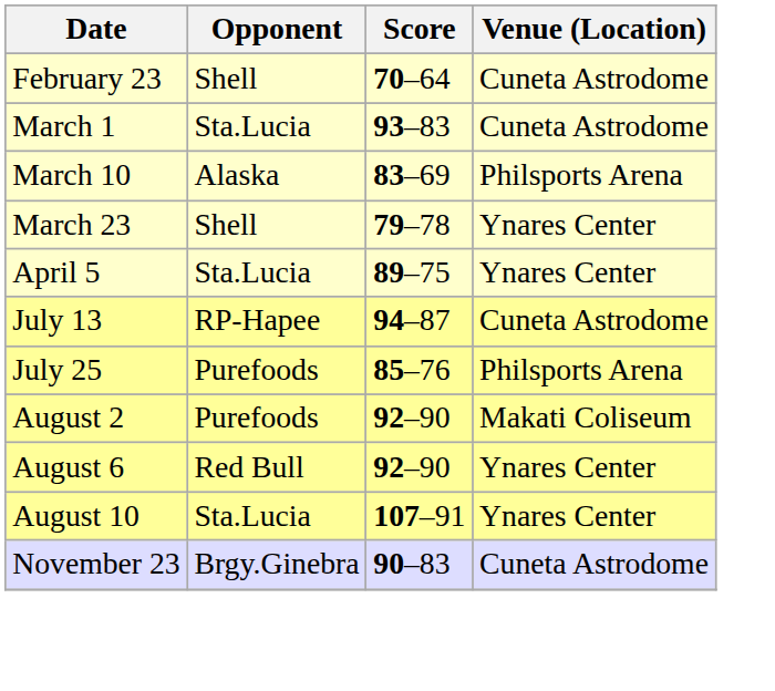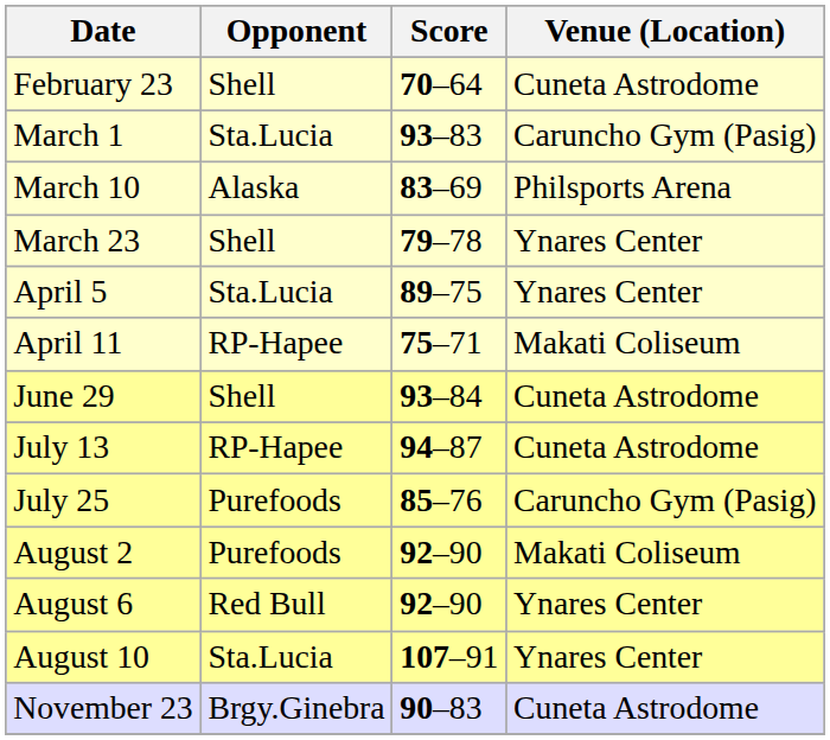 <table class="wikitable sortable sortable">
 <tr>
 <th>Date</th>
 <th>Opponent</th>
 <th>Score</th>
 <th>Venue (Location)</th>
 </tr>
 <tr bgcolor="#FFFFCC">
 <td>February 23</td>
 <td>Shell</td>
 <td><strong>70</strong>–64</td>
 <td>Cuneta Astrodome</td>
 </tr>
 <tr bgcolor="#FFFFCC">
 <td>March 1</td>
 <td>Sta.Lucia</td>
 <td><strong>93</strong>–83</td>
-<td>Cuneta Astrodome</td>
+<td>Caruncho Gym (Pasig) </td>
 </tr>
 <tr bgcolor="#FFFFCC">
 <td>March 10</td>
 <td>Alaska</td>
 <td><strong>83</strong>–69</td>
 <td>Philsports Arena </td>
 </tr>
 <tr bgcolor="#FFFFCC">
 <td>March 23</td>
 <td>Shell</td>
 <td><strong>79</strong>–78</td>
 <td>Ynares Center</td>
 </tr>
 <tr bgcolor="#FFFFCC">
 <td>April 5</td>
 <td>Sta.Lucia</td>
 <td><strong>89</strong>–75</td>
 <td>Ynares Center</td>
 </tr>
+<tr bgcolor="#FFFFCC">
+<td>April 11</td>
+<td>RP-Hapee</td>
+<td><strong>75</strong>–71</td>
+<td>Makati Coliseum</td>
+</tr>
+<tr bgcolor="#FFFF99">
+<td>June 29</td>
+<td>Shell</td>
+<td><strong>93</strong>–84</td>
+<td>Cuneta Astrodome</td>
+</tr>
 <tr bgcolor="#FFFF99">
 <td>July 13</td>
 <td>RP-Hapee</td>
 <td><strong>94</strong>–87</td>
 <td>Cuneta Astrodome </td>
 </tr>
 <tr bgcolor="#FFFF99">
 <td>July 25</td>
 <td>Purefoods</td>
 <td><strong>85</strong>–76</td>
-<td>Philsports Arena</td>
+<td>Caruncho Gym (Pasig)</td>
 </tr>
 <tr bgcolor="#FFFF99">
 <td>August 2</td>
 <td>Purefoods</td>
 <td><strong>92</strong>–90</td>
 <td>Makati Coliseum</td>
 </tr>
 <tr bgcolor="#FFFF99">
 <td>August 6</td>
 <td>Red Bull</td>
 <td><strong>92</strong>–90</td>
 <td>Ynares Center</td>
 </tr>
 <tr bgcolor="#FFFF99">
 <td>August 10</td>
 <td>Sta.Lucia</td>
 <td><strong>107</strong>–91</td>
 <td>Ynares Center</td>
 </tr>
 <tr bgcolor="#DDDDFF">
 <td>November 23</td>
 <td>Brgy.Ginebra</td>
 <td><strong>90</strong>–83</td>
 <td>Cuneta Astrodome</td>
 </tr>
 <tr>
 </tr>
 </table>
